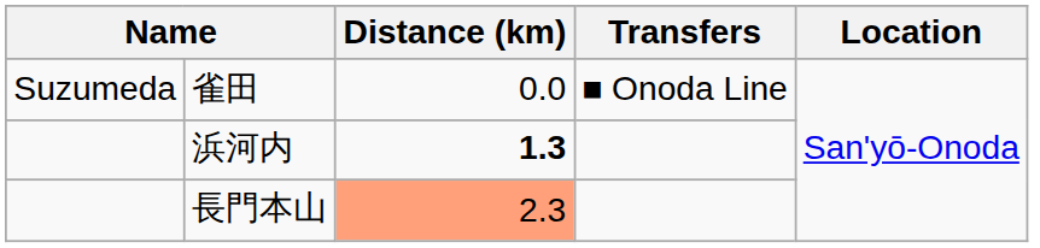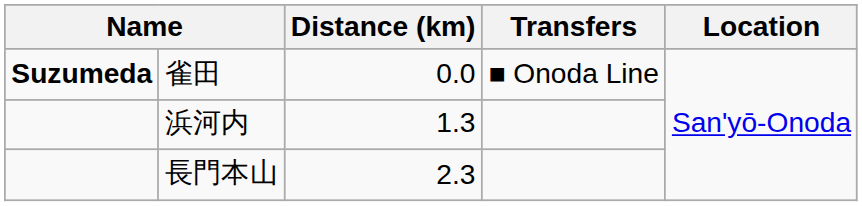 <table class="wikitable">
 <tr>
 <th colspan="2">Name</th>
 <th>Distance (km)</th>
 <th>Transfers</th>
 <th>Location</th>
 </tr>
 <tr>
-<td>Suzumeda</td>
+<td><strong>Suzumeda</strong></td>
 <td>雀田</td>
 <td style="text-align: right;">0.0</td>
 <td><span>■</span> Onoda Line</td>
 <td rowspan="3"><a href='#'>San'yō-Onoda</a></td>
 </tr>
 <tr>
 <td></td>
 <td>浜河内</td>
-<td style="text-align: right;"><strong>1.3</strong></td>
+<td style="text-align: right;">1.3</td>
 <td> </td>
 </tr>
 <tr>
 <td></td>
 <td>長門本山</td>
-<td style="background: lightsalmon; text-align: right;">2.3</td>
+<td style="text-align: right;">2.3</td>
 <td> </td>
 </tr>
 </table>
